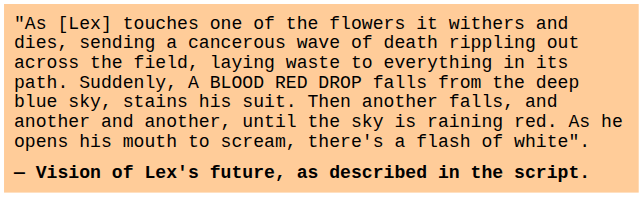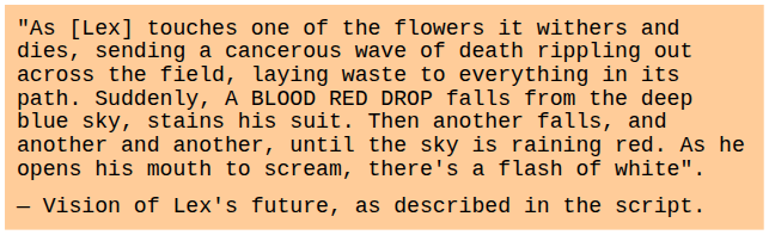 <table class="toccolours" style="float: left; margin-left: 1em; margin-right: 2em; font-size: 85%; background:#FFCC99; color:black; width:35em; max-width: 40%;" cellspacing="5">
 <tr>
 <td style="text-align: left;">"As [Lex] touches one of the flowers it withers and dies, sending a cancerous wave of death rippling out across the field, laying waste to everything in its path. Suddenly, A BLOOD RED DROP falls from the deep blue sky, stains his suit. Then another falls, and another and another, until the sky is raining red. As he opens his mouth to scream, there's a flash of white".</td>
 </tr>
 <tr>
-<td style="text-align: left;"><strong>— Vision of Lex's future, as described in the script.</strong></td>
+<td style="text-align: left;">— Vision of Lex's future, as described in the script.</td>
 </tr>
 </table>
